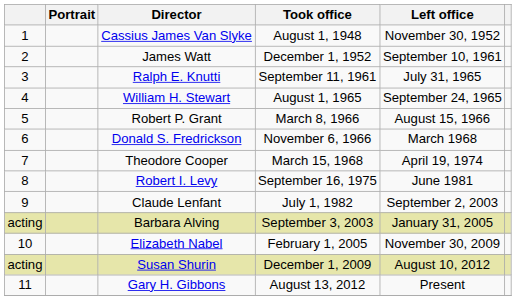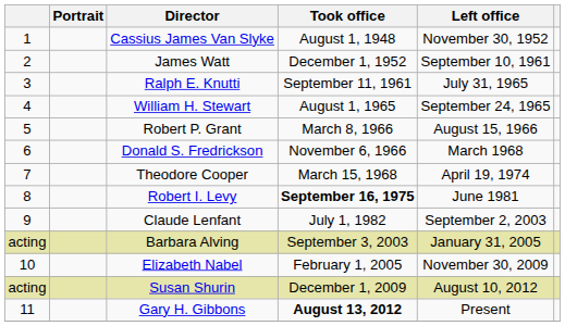 <table class=wikitable style="text-align:center">
 <tr>
 <th></th>
 <th>Portrait</th>
 <th>Director</th>
 <th>Took office</th>
 <th>Left office</th>
 <th></th>
 </tr>
 <tr>
 <td>1</td>
 <td></td>
 <td><a href='#'>Cassius James Van Slyke</a></td>
 <td>August 1, 1948</td>
 <td>November 30, 1952</td>
 <td></td>
 </tr>
 <tr>
 <td>2</td>
 <td></td>
 <td>James Watt</td>
 <td>December 1, 1952</td>
 <td>September 10, 1961</td>
 <td></td>
 </tr>
 <tr>
 <td>3</td>
 <td></td>
 <td><a href='#'>Ralph E. Knutti</a></td>
 <td>September 11, 1961</td>
 <td>July 31, 1965</td>
 <td></td>
 </tr>
 <tr>
 <td>4</td>
 <td></td>
 <td><a href='#'>William H. Stewart</a></td>
 <td>August 1, 1965</td>
 <td>September 24, 1965</td>
 <td></td>
 </tr>
 <tr>
 <td>5</td>
 <td></td>
 <td>Robert P. Grant</td>
 <td>March 8, 1966</td>
 <td>August 15, 1966</td>
 <td></td>
 </tr>
 <tr>
 <td>6</td>
 <td></td>
 <td><a href='#'>Donald S. Fredrickson</a></td>
 <td>November 6, 1966</td>
 <td>March 1968</td>
 <td></td>
 </tr>
 <tr>
 <td>7</td>
 <td></td>
 <td>Theodore Cooper</td>
 <td>March 15, 1968</td>
 <td>April 19, 1974</td>
 <td></td>
 </tr>
 <tr>
 <td>8</td>
 <td></td>
 <td><a href='#'>Robert I. Levy</a></td>
-<td>September 16, 1975</td>
+<td><strong>September 16, 1975</strong></td>
 <td>June 1981</td>
 <td></td>
 </tr>
 <tr>
 <td>9</td>
 <td></td>
 <td>Claude Lenfant</td>
 <td>July 1, 1982</td>
 <td>September 2, 2003</td>
 <td></td>
 </tr>
 <tr bgcolor="#e6e6aa">
 <td>acting</td>
 <td></td>
 <td>Barbara Alving</td>
 <td>September 3, 2003</td>
 <td>January 31, 2005</td>
 <td></td>
 </tr>
 <tr>
 <td>10</td>
 <td></td>
 <td><a href='#'>Elizabeth Nabel</a></td>
 <td>February 1, 2005</td>
 <td>November 30, 2009</td>
 <td></td>
 </tr>
 <tr bgcolor="#e6e6aa">
 <td>acting</td>
 <td></td>
 <td><a href='#'>Susan Shurin</a></td>
 <td>December 1, 2009</td>
 <td>August 10, 2012</td>
 <td></td>
 </tr>
 <tr>
 <td>11</td>
 <td></td>
 <td><a href='#'>Gary H. Gibbons</a></td>
-<td>August 13, 2012</td>
+<td><strong>August 13, 2012</strong></td>
 <td>Present</td>
 <td></td>
 </tr>
 <tr>
 </tr>
 </table>
